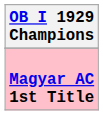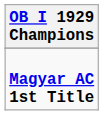 <table class="wikitable" style="text-align: center; margin: 0 auto;">
 <tr>
 <th><a href='#'>OB I</a> 1929<br>Champions</th>
 </tr>
 <tr>
 </tr>
 <tr>
-<td style="background: pink;"><br><strong><a href='#'>Magyar AC</a></strong><br><strong>1st Title</strong></td>
+<td><br><strong><a href='#'>Magyar AC</a></strong><br><strong>1st Title</strong></td>
 </tr>
 </table>
